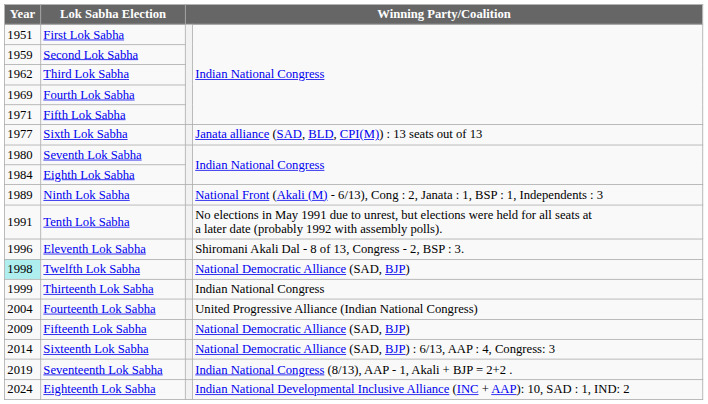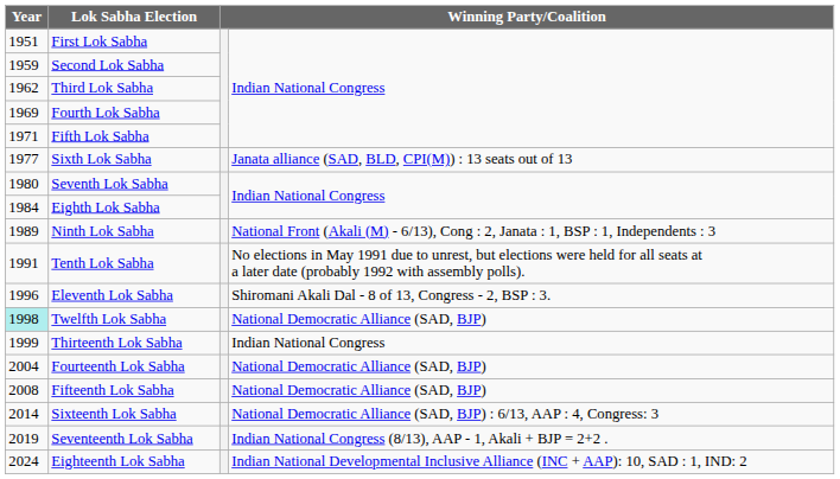 <table class="wikitable" width="70%" style="font-size: x-big; font-family: verdana">
 <tr>
 <th style="background-color:#666666; color:white">Year</th>
 <th style="background-color:#666666; color:white">Lok Sabha Election</th>
 <th colspan="2"! style="background-color:#666666; color:white">Winning Party/Coalition</th>
 </tr>
 <tr --->
 <td>1951</td>
 <td><a href='#'>First Lok Sabha</a></td>
 <th rowspan=5 style="background-color: "></th>
 <td rowspan=5><a href='#'>Indian National Congress</a></td>
 </tr>
 <tr --->
 <td>1959</td>
 <td><a href='#'>Second Lok Sabha</a></td>
 </tr>
 <tr --->
 <td>1962</td>
 <td><a href='#'>Third Lok Sabha</a></td>
 </tr>
 <tr --->
 <td>1969</td>
 <td><a href='#'>Fourth Lok Sabha</a></td>
 </tr>
 <tr --->
 <td>1971</td>
 <td><a href='#'>Fifth Lok Sabha</a></td>
 </tr>
 <tr --->
 <td>1977</td>
 <td><a href='#'>Sixth Lok Sabha</a></td>
 <th style="background-color: "></th>
 <td><a href='#'>Janata alliance</a> (<a href='#'>SAD</a>, <a href='#'>BLD</a>, <a href='#'>CPI(M)</a>) : 13 seats out of 13</td>
 </tr>
 <tr --->
 <td>1980</td>
 <td><a href='#'>Seventh Lok Sabha</a></td>
 <th rowspan=2 style="background-color: "></th>
 <td rowspan=2><a href='#'>Indian National Congress</a></td>
 </tr>
 <tr --->
 <td>1984</td>
 <td><a href='#'>Eighth Lok Sabha</a></td>
 </tr>
 <tr --->
 <td>1989</td>
 <td><a href='#'>Ninth Lok Sabha</a></td>
 <th style="background-color: "></th>
 <td><a href='#'>National Front</a> (<a href='#'>Akali (M)</a> - 6/13), Cong : 2, Janata : 1, BSP : 1, Independents : 3</td>
 </tr>
 <tr --->
 <td>1991</td>
 <td><a href='#'>Tenth Lok Sabha</a></td>
 <th style="background-color: "></th>
 <td>No elections in May 1991 due to unrest, but elections were held for all seats at <br>a later date (probably 1992 with assembly polls).</td>
 </tr>
 <tr --->
 <td>1996</td>
 <td><a href='#'>Eleventh Lok Sabha</a></td>
 <th style="background-color: "></th>
 <td>Shiromani Akali Dal - 8 of 13, Congress - 2, BSP : 3.</td>
 </tr>
 <tr --->
 <td style="background: paleturquoise;">1998</td>
 <td><a href='#'>Twelfth Lok Sabha</a></td>
 <th style="background-color: "></th>
 <td><a href='#'>National Democratic Alliance</a> (SAD, <a href='#'>BJP</a>)</td>
 </tr>
 <tr --->
 <td>1999</td>
 <td><a href='#'>Thirteenth Lok Sabha</a></td>
 <th style="background-color: "></th>
 <td>Indian National Congress</td>
 </tr>
 <tr --->
 <td>2004</td>
 <td><a href='#'>Fourteenth Lok Sabha</a></td>
 <th style="background-color: "></th>
-<td>United Progressive Alliance (Indian National Congress)</td>
+<td><a href='#'>National Democratic Alliance</a> (SAD, <a href='#'>BJP</a>)</td>
 </tr>
 <tr --->
-<td>2009</td>
+<td>2008</td>
 <td><a href='#'>Fifteenth Lok Sabha</a></td>
 <th style="background-color: "></th>
 <td><a href='#'>National Democratic Alliance</a> (SAD, <a href='#'>BJP</a>)</td>
 </tr>
 <tr --->
 <td>2014</td>
 <td><a href='#'>Sixteenth Lok Sabha</a></td>
 <th style="background-color: "></th>
 <td><a href='#'>National Democratic Alliance</a> (SAD, <a href='#'>BJP</a>) : 6/13, AAP : 4, Congress: 3</td>
 </tr>
 <tr --->
 <td>2019</td>
 <td><a href='#'>Seventeenth Lok Sabha</a></td>
 <th style="background-color:"></th>
 <td><a href='#'>Indian National Congress</a> (8/13), AAP - 1, Akali + BJP = 2+2 .</td>
 </tr>
 <tr>
 <td>2024</td>
 <td><a href='#'>Eighteenth Lok Sabha</a></td>
 <th></th>
 <td><a href='#'>Indian National Developmental Inclusive Alliance</a> (<a href='#'>INC</a> + <a href='#'>AAP</a>): 10, SAD : 1, IND: 2</td>
 </tr>
 </table>
